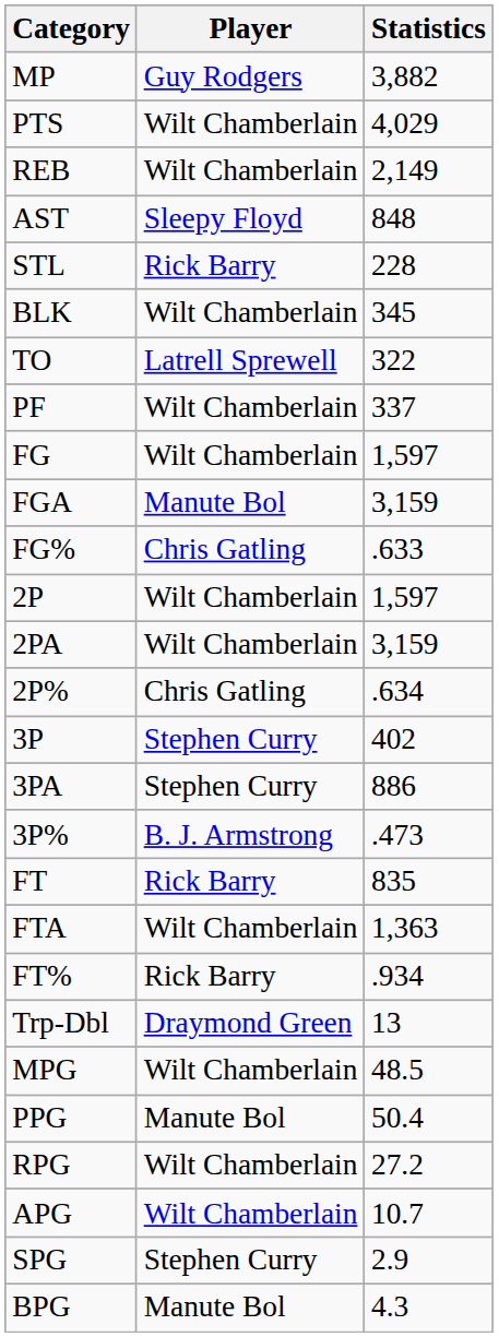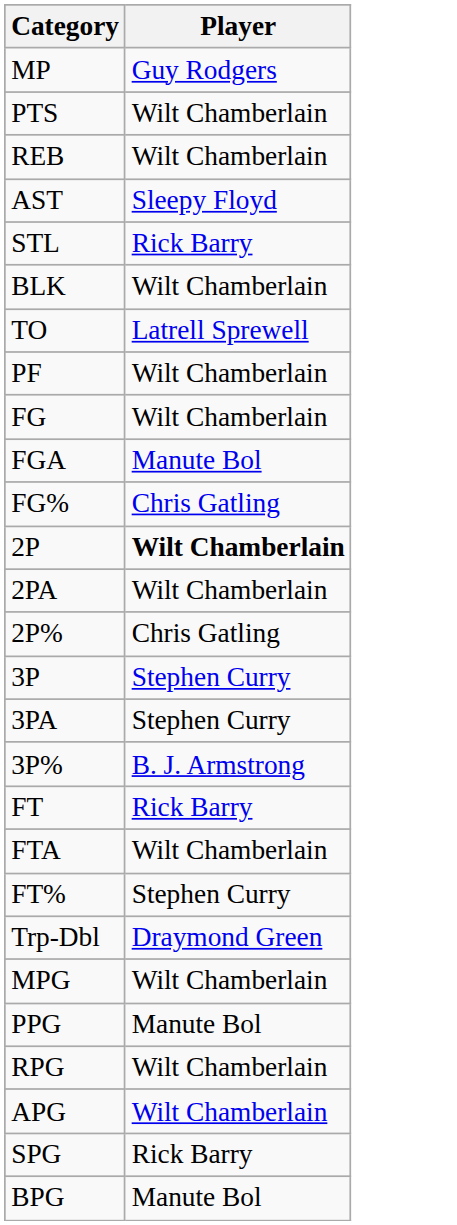 <table class="wikitable">
 <tr>
 <th>Category</th>
 <th>Player</th>
-<th>Statistics</th>
 </tr>
 <tr>
 <td>MP</td>
 <td><a href='#'>Guy Rodgers</a></td>
-<td>3,882</td>
 </tr>
 <tr>
 <td>PTS</td>
 <td>Wilt Chamberlain</td>
-<td>4,029</td>
 </tr>
 <tr>
 <td>REB</td>
 <td>Wilt Chamberlain</td>
-<td>2,149</td>
 </tr>
 <tr>
 <td>AST</td>
 <td><a href='#'>Sleepy Floyd</a></td>
-<td>848</td>
 </tr>
 <tr>
 <td>STL</td>
 <td><a href='#'>Rick Barry</a></td>
-<td>228</td>
 </tr>
 <tr>
 <td>BLK</td>
 <td>Wilt Chamberlain</td>
-<td>345</td>
 </tr>
 <tr>
 <td>TO</td>
 <td><a href='#'>Latrell Sprewell</a></td>
-<td>322</td>
 </tr>
 <tr>
 <td>PF</td>
 <td>Wilt Chamberlain</td>
-<td>337</td>
 </tr>
 <tr>
 <td>FG</td>
 <td>Wilt Chamberlain</td>
-<td>1,597</td>
 </tr>
 <tr>
 <td>FGA</td>
 <td><a href='#'>Manute Bol</a></td>
-<td>3,159</td>
 </tr>
 <tr>
 <td>FG%</td>
 <td><a href='#'>Chris Gatling</a></td>
-<td>.633</td>
 </tr>
 <tr>
 <td>2P</td>
-<td>Wilt Chamberlain</td>
-<td>1,597</td>
+<td><strong>Wilt Chamberlain</strong></td>
 </tr>
 <tr>
 <td>2PA</td>
 <td>Wilt Chamberlain</td>
-<td>3,159</td>
 </tr>
 <tr>
 <td>2P%</td>
 <td>Chris Gatling</td>
-<td>.634</td>
 </tr>
 <tr>
 <td>3P</td>
 <td><a href='#'>Stephen Curry</a></td>
-<td>402</td>
 </tr>
 <tr>
 <td>3PA</td>
 <td>Stephen Curry</td>
-<td>886</td>
 </tr>
 <tr>
 <td>3P%</td>
 <td><a href='#'>B. J. Armstrong</a></td>
-<td>.473</td>
 </tr>
 <tr>
 <td>FT</td>
 <td><a href='#'>Rick Barry</a></td>
-<td>835</td>
 </tr>
 <tr>
 <td>FTA</td>
 <td>Wilt Chamberlain</td>
-<td>1,363</td>
 </tr>
 <tr>
 <td>FT%</td>
-<td>Rick Barry</td>
-<td>.934</td>
+<td>Stephen Curry</td>
 </tr>
 <tr>
 <td>Trp-Dbl</td>
 <td><a href='#'>Draymond Green</a></td>
-<td>13</td>
 </tr>
 <tr>
 <td>MPG</td>
 <td>Wilt Chamberlain</td>
-<td>48.5</td>
 </tr>
 <tr>
 <td>PPG</td>
 <td>Manute Bol</td>
-<td>50.4</td>
 </tr>
 <tr>
 <td>RPG</td>
 <td>Wilt Chamberlain</td>
-<td>27.2</td>
 </tr>
 <tr>
 <td>APG</td>
 <td><a href='#'>Wilt Chamberlain</a></td>
-<td>10.7</td>
 </tr>
 <tr>
 <td>SPG</td>
-<td>Stephen Curry</td>
-<td>2.9</td>
+<td>Rick Barry</td>
 </tr>
 <tr>
 <td>BPG</td>
 <td>Manute Bol</td>
-<td>4.3</td>
 </tr>
 </table>
